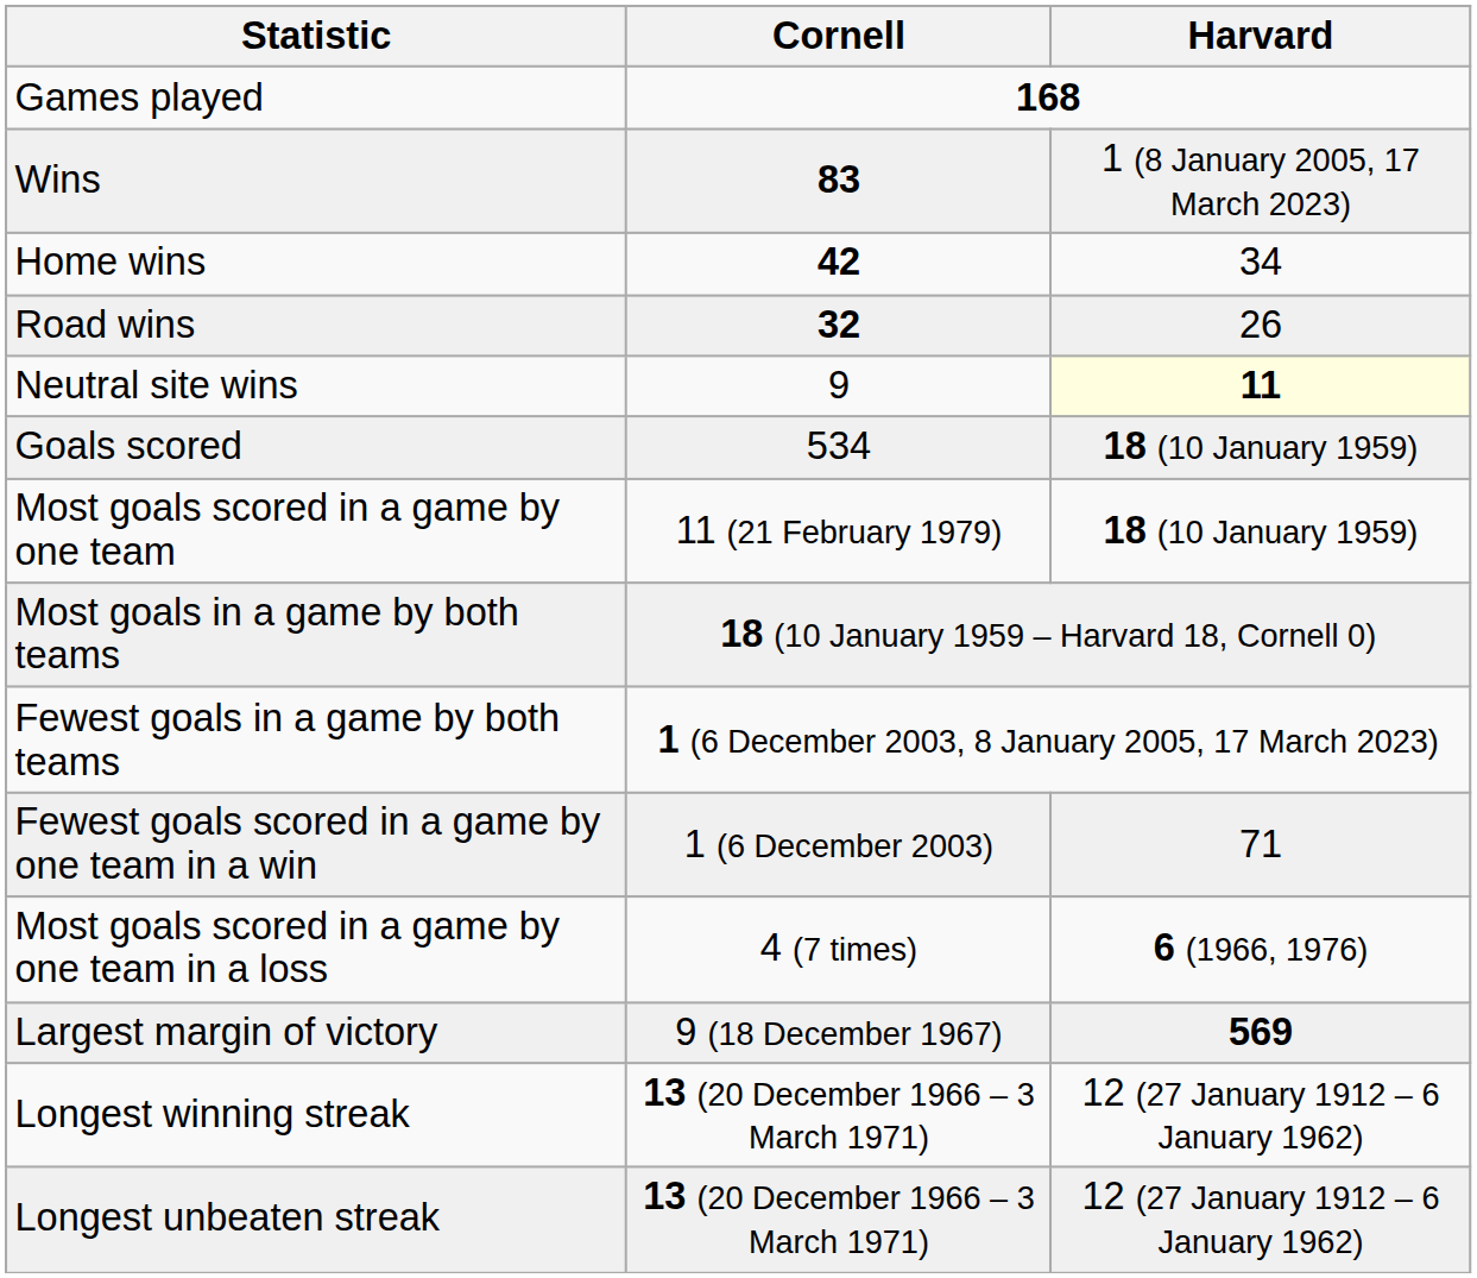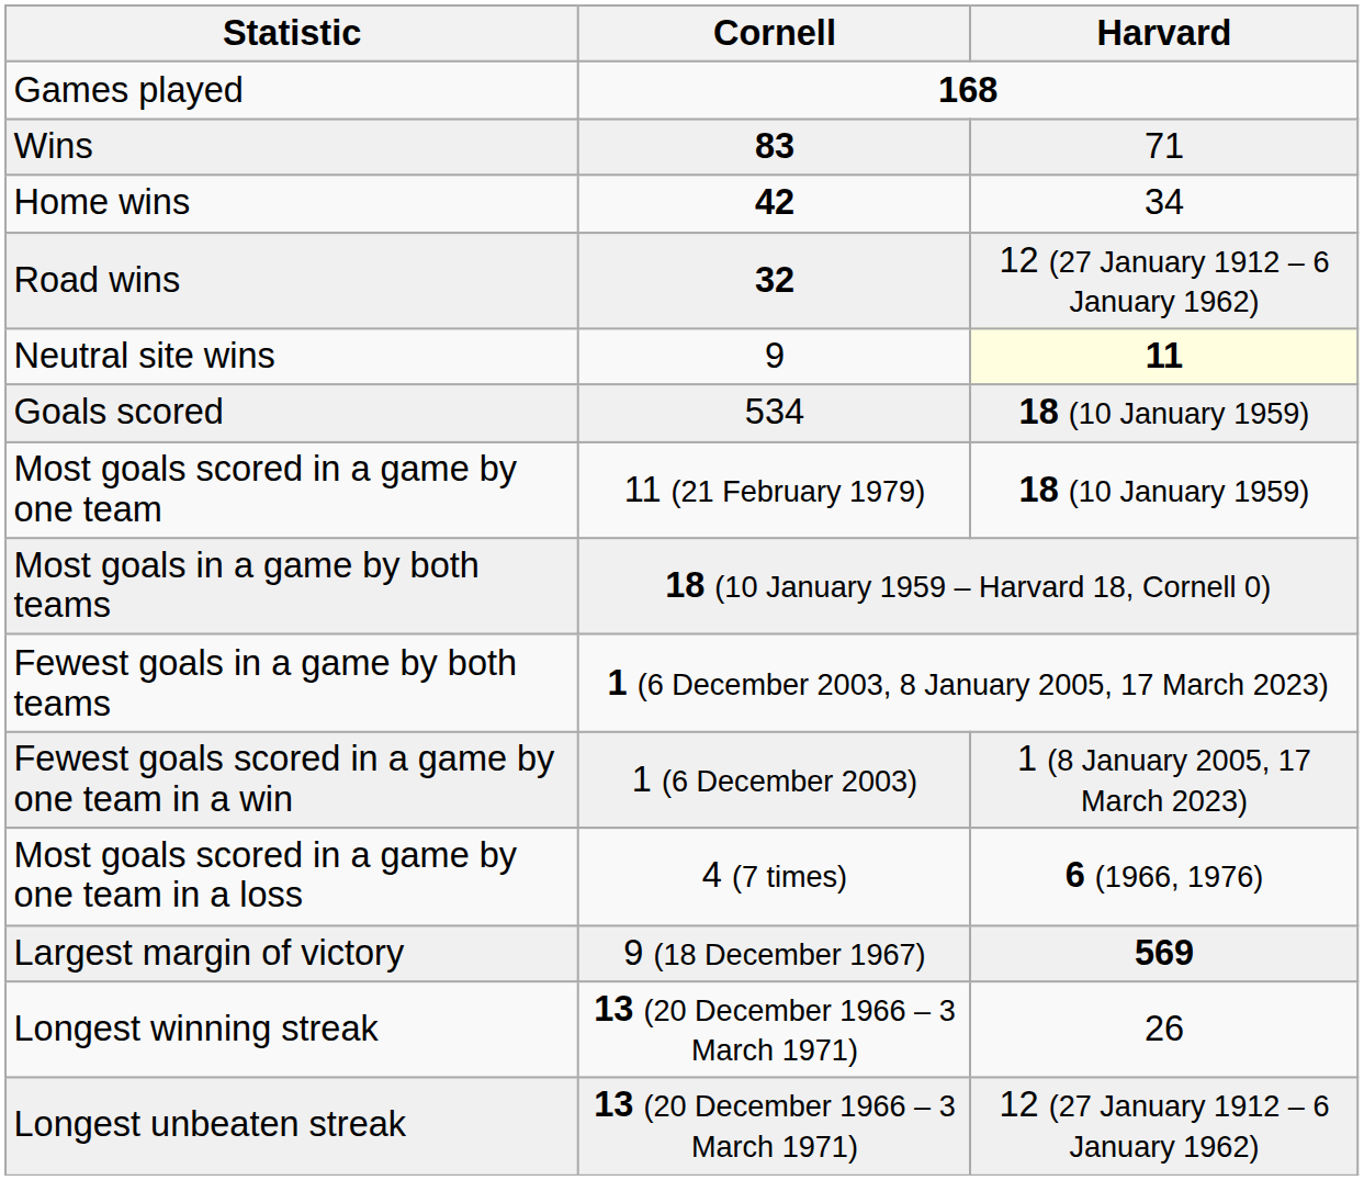 <table class="wikitable">
 <tr>
 <th>Statistic</th>
 <th>Cornell</th>
 <th>Harvard</th>
 </tr>
 <tr>
 <td>Games played</td>
 <td align=center colspan=2><strong>168</strong></td>
 </tr>
 <tr bgcolor=f0f0f0>
 <td>Wins</td>
 <td align=center><strong>83</strong></td>
-<td align=center>1 <small>(8 January 2005, 17 March 2023)</small></td>
+<td align=center>71</td>
 </tr>
 <tr>
 <td>Home wins</td>
 <td align=center><strong>42</strong></td>
 <td align=center>34</td>
 </tr>
 <tr bgcolor=f0f0f0>
 <td>Road wins</td>
 <td align=center><strong>32</strong></td>
-<td align=center>26</td>
+<td align=center>12 <small>(27 January 1912 – 6 January 1962)</small></td>
 </tr>
 <tr>
 <td>Neutral site wins</td>
 <td align=center>9</td>
 <td align=center style="background: lightyellow;"><strong>11</strong></td>
 </tr>
 <tr bgcolor=f0f0f0>
 <td>Goals scored</td>
 <td align=center>534</td>
 <td align=center><strong>18</strong> <small>(10 January 1959)</small></td>
 </tr>
 <tr>
 <td>Most goals scored in a game by one team</td>
 <td align=center>11 <small>(21 February 1979)</small></td>
 <td align=center><strong>18</strong> <small>(10 January 1959)</small></td>
 </tr>
 <tr bgcolor=f0f0f0>
 <td>Most goals in a game by both teams</td>
 <td align=center colspan=2><strong>18</strong> <small>(10 January 1959 – Harvard 18, Cornell 0)</small></td>
 </tr>
 <tr>
 <td>Fewest goals in a game by both teams</td>
 <td align=center colspan=2><strong>1</strong> <small>(6 December 2003, 8 January 2005, 17 March 2023)</small></td>
 </tr>
 <tr bgcolor=f0f0f0>
 <td>Fewest goals scored in a game by one team in a win</td>
 <td align=center>1 <small>(6 December 2003)</small></td>
-<td align=center>71</td>
+<td align=center>1 <small>(8 January 2005, 17 March 2023)</small></td>
 </tr>
 <tr>
 <td>Most goals scored in a game by one team in a loss</td>
 <td align=center>4 <small>(7 times)</small></td>
 <td align=center><strong>6</strong> <small>(1966, 1976)</small></td>
 </tr>
 <tr bgcolor=f0f0f0>
 <td>Largest margin of victory</td>
 <td align=center>9 <small>(18 December 1967)</small></td>
 <td align=center><strong>569</strong></td>
 </tr>
 <tr>
 <td>Longest winning streak</td>
 <td align=center><strong>13</strong> <small>(20 December 1966 – 3 March 1971)</small></td>
-<td align=center>12 <small>(27 January 1912 – 6 January 1962)</small></td>
+<td align=center>26</td>
 </tr>
 <tr bgcolor=f0f0f0>
 <td>Longest unbeaten streak</td>
 <td align=center><strong>13</strong> <small>(20 December 1966 – 3 March 1971)</small></td>
 <td align=center>12 <small>(27 January 1912 – 6 January 1962)</small></td>
 </tr>
 </table>
